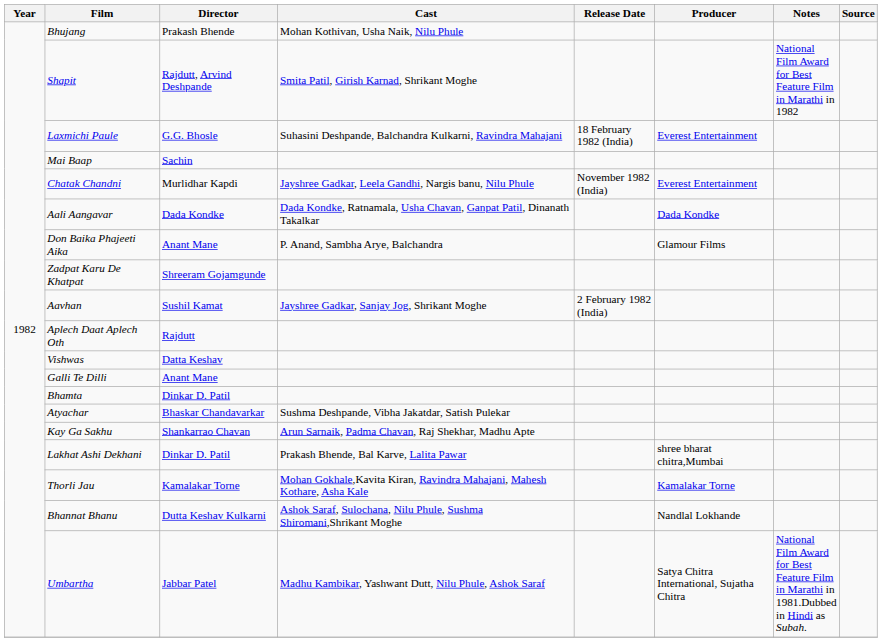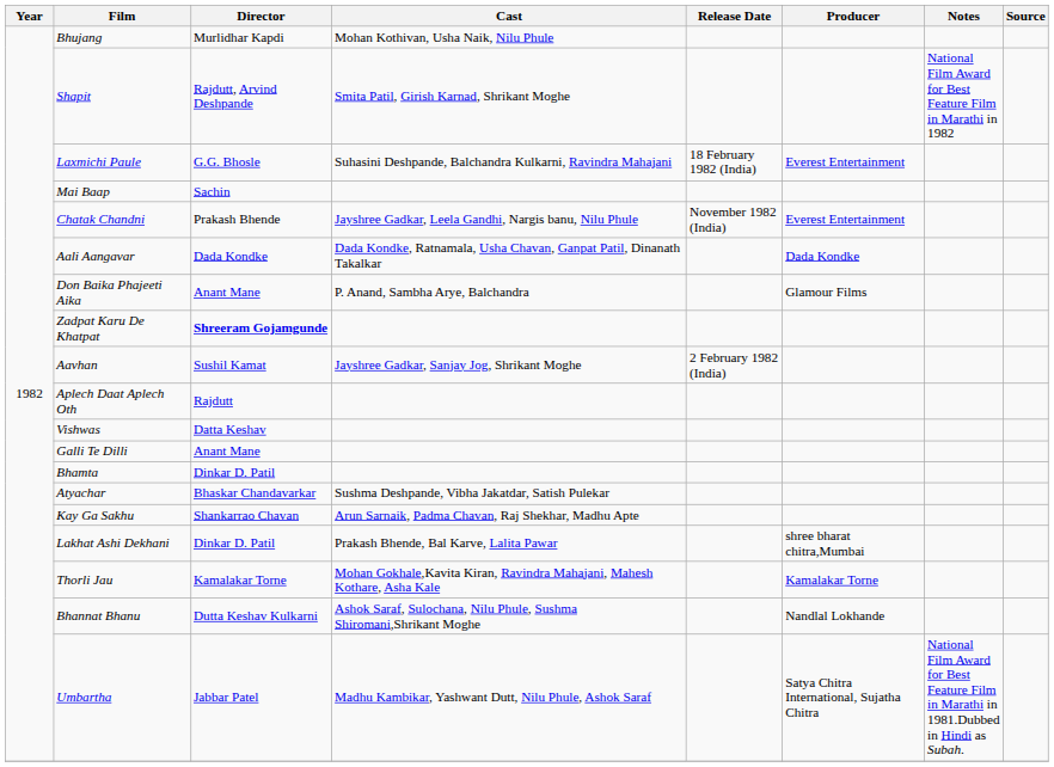 <table class ="wikitable sortable collapsible">
 <tr>
 <th style="width: 05%;">Year</th>
 <th style="width: 15%;">Film</th>
 <th style="width: 15%;">Director</th>
 <th style="width: 40%;" class="unsortable">Cast</th>
 <th style="width: 10%;">Release Date</th>
 <th style="width: 15%;" class="unsortable">Producer</th>
 <th style="width: 15%;" class="unsortable">Notes</th>
 <th style="width: 15%;" class="unsortable">Source</th>
 </tr>
 <tr>
 <td rowspan=19 align="center">1982</td>
 <td><em>Bhujang </em></td>
-<td>Prakash Bhende</td>
+<td>Murlidhar Kapdi</td>
 <td>Mohan Kothivan, Usha Naik, <a href='#'>Nilu Phule</a></td>
 <td></td>
 <td></td>
 <td></td>
 <td></td>
 </tr>
 <tr>
 <td><em><a href='#'>Shapit</a> </em></td>
 <td><a href='#'>Rajdutt</a>, <a href='#'>Arvind Deshpande</a></td>
 <td><a href='#'>Smita Patil</a>, <a href='#'>Girish Karnad</a>, Shrikant Moghe</td>
 <td></td>
 <td></td>
 <td><a href='#'>National Film Award for Best Feature Film in Marathi</a> in 1982</td>
 <td></td>
 </tr>
 <tr>
 <td><em><a href='#'>Laxmichi Paule</a></em></td>
 <td><a href='#'>G.G. Bhosle</a></td>
 <td>Suhasini Deshpande, Balchandra Kulkarni, <a href='#'>Ravindra Mahajani</a></td>
 <td>18 February 1982 (India)</td>
 <td><a href='#'>Everest Entertainment</a></td>
 <td></td>
 <td></td>
 </tr>
 <tr>
 <td><em>Mai Baap </em></td>
 <td><a href='#'>Sachin</a></td>
 <td></td>
 <td></td>
 <td></td>
 <td></td>
 <td></td>
 </tr>
 <tr>
 <td><em><a href='#'>Chatak Chandni</a></em></td>
-<td>Murlidhar Kapdi</td>
+<td>Prakash Bhende</td>
 <td><a href='#'>Jayshree Gadkar</a>, <a href='#'>Leela Gandhi</a>, Nargis banu, <a href='#'>Nilu Phule</a></td>
 <td>November 1982 (India)</td>
 <td><a href='#'>Everest Entertainment</a></td>
 <td></td>
 <td></td>
 </tr>
 <tr>
 <td><em>Aali Aangavar</em></td>
 <td><a href='#'>Dada Kondke</a></td>
 <td><a href='#'>Dada Kondke</a>, Ratnamala, <a href='#'>Usha Chavan</a>, <a href='#'>Ganpat Patil</a>, Dinanath Takalkar</td>
 <td></td>
 <td><a href='#'>Dada Kondke</a></td>
 <td></td>
 <td></td>
 </tr>
 <tr>
 <td><em>Don Baika Phajeeti Aika</em></td>
 <td><a href='#'>Anant Mane</a></td>
 <td>P. Anand, Sambha Arye, Balchandra</td>
 <td></td>
 <td>Glamour Films</td>
 <td></td>
 <td></td>
 </tr>
 <tr>
 <td><em>Zadpat Karu De Khatpat</em></td>
-<td><a href='#'>Shreeram Gojamgunde</a></td>
+<td><strong><a href='#'>Shreeram Gojamgunde</a></strong></td>
 <td></td>
 <td></td>
 <td></td>
 <td></td>
 <td></td>
 </tr>
 <tr>
 <td><em>Aavhan </em></td>
 <td><a href='#'>Sushil Kamat</a></td>
 <td><a href='#'>Jayshree Gadkar</a>, <a href='#'>Sanjay Jog</a>, Shrikant Moghe</td>
 <td>2 February 1982 (India)</td>
 <td></td>
 <td></td>
 <td></td>
 </tr>
 <tr>
 <td><em>Aplech Daat Aplech Oth</em></td>
 <td><a href='#'>Rajdutt</a></td>
 <td></td>
 <td></td>
 <td></td>
 <td></td>
 <td></td>
 </tr>
 <tr>
 <td><em>Vishwas </em></td>
 <td><a href='#'>Datta Keshav</a></td>
 <td></td>
 <td></td>
 <td></td>
 <td></td>
 <td></td>
 </tr>
 <tr>
 <td><em>Galli Te Dilli</em></td>
 <td><a href='#'>Anant Mane</a></td>
 <td></td>
 <td></td>
 <td></td>
 <td></td>
 <td></td>
 </tr>
 <tr>
 <td><em>Bhamta </em></td>
 <td><a href='#'>Dinkar D. Patil</a></td>
 <td></td>
 <td></td>
 <td></td>
 <td></td>
 <td></td>
 </tr>
 <tr>
 <td><em>Atyachar</em></td>
 <td><a href='#'>Bhaskar Chandavarkar</a></td>
 <td>Sushma Deshpande, Vibha Jakatdar, Satish Pulekar</td>
 <td></td>
 <td></td>
 <td></td>
 <td></td>
 </tr>
 <tr>
 <td><em>Kay Ga Sakhu</em></td>
 <td><a href='#'>Shankarrao Chavan</a></td>
 <td><a href='#'>Arun Sarnaik</a>, <a href='#'>Padma Chavan</a>, Raj Shekhar, Madhu Apte</td>
 <td></td>
 <td></td>
 <td></td>
 <td></td>
 </tr>
 <tr>
 <td><em>Lakhat Ashi Dekhani</em></td>
 <td><a href='#'>Dinkar D. Patil</a></td>
 <td>Prakash Bhende, Bal Karve, <a href='#'>Lalita Pawar</a></td>
 <td></td>
 <td>shree bharat chitra,Mumbai</td>
 <td></td>
 <td></td>
 </tr>
 <tr>
 <td><em>Thorli Jau</em></td>
 <td><a href='#'>Kamalakar Torne</a></td>
 <td><a href='#'>Mohan Gokhale</a>,Kavita Kiran, <a href='#'>Ravindra Mahajani</a>, <a href='#'>Mahesh Kothare</a>, <a href='#'>Asha Kale</a></td>
 <td></td>
 <td><a href='#'>Kamalakar Torne</a></td>
 <td></td>
 <td></td>
 </tr>
 <tr>
 <td><em>Bhannat Bhanu</em></td>
 <td><a href='#'>Dutta Keshav Kulkarni</a></td>
 <td><a href='#'>Ashok Saraf</a>, <a href='#'>Sulochana</a>, <a href='#'>Nilu Phule</a>, <a href='#'>Sushma Shiromani</a>,Shrikant Moghe</td>
 <td></td>
 <td>Nandlal Lokhande</td>
 <td></td>
 <td></td>
 </tr>
 <tr>
 <td><em><a href='#'>Umbartha</a></em></td>
 <td><a href='#'>Jabbar Patel</a></td>
 <td><a href='#'>Madhu Kambikar</a>, Yashwant Dutt, <a href='#'>Nilu Phule</a>, <a href='#'>Ashok Saraf</a></td>
 <td></td>
 <td>Satya Chitra International, Sujatha Chitra</td>
 <td><a href='#'>National Film Award for Best Feature Film in Marathi</a> in 1981.Dubbed in <a href='#'>Hindi</a> as <em>Subah</em>.</td>
 <td></td>
 </tr>
 <tr>
 </tr>
 </table>
